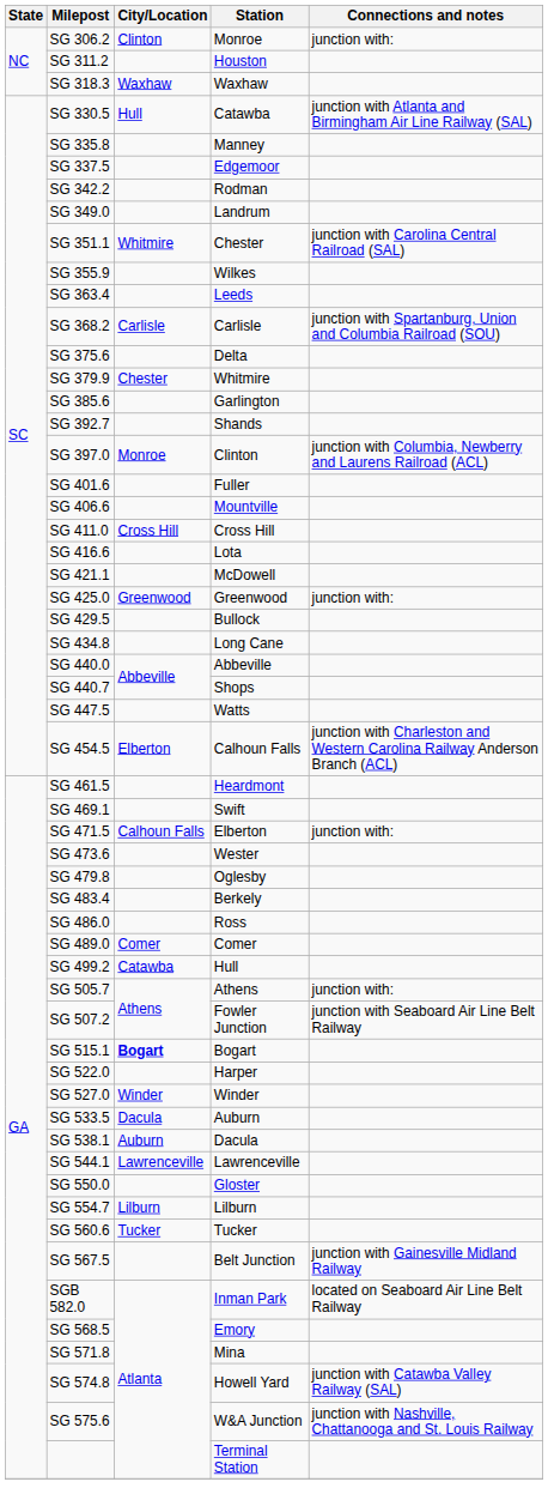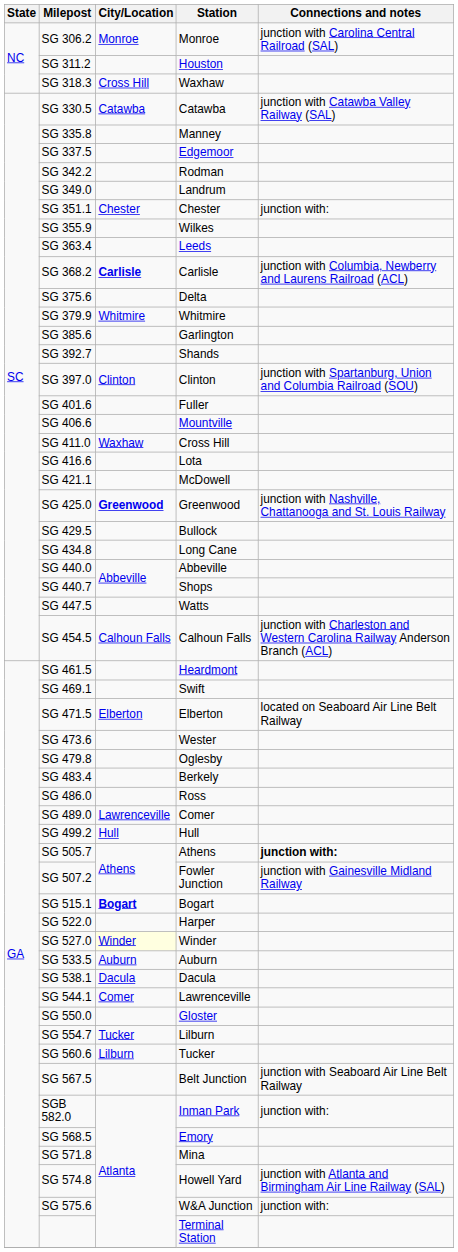 <table class="wikitable">
 <tr>
 <th>State</th>
 <th>Milepost</th>
 <th>City/Location</th>
 <th>Station</th>
 <th>Connections and notes</th>
 </tr>
 <tr>
 <td ! rowspan="3"><a href='#'>NC</a></td>
 <td>SG 306.2</td>
-<td><a href='#'>Clinton</a></td>
+<td><a href='#'>Monroe</a></td>
 <td>Monroe</td>
-<td>junction with:<br></td>
+<td>junction with <a href='#'>Carolina Central Railroad</a> (<a href='#'>SAL</a>)</td>
 </tr>
 <tr>
 <td>SG 311.2</td>
 <td></td>
 <td><a href='#'>Houston</a></td>
 <td></td>
 </tr>
 <tr>
 <td>SG 318.3</td>
-<td><a href='#'>Waxhaw</a></td>
+<td><a href='#'>Cross Hill</a></td>
 <td>Waxhaw</td>
 <td></td>
 </tr>
 <tr>
 <td ! rowspan="26"><a href='#'>SC</a></td>
 <td>SG 330.5</td>
-<td><a href='#'>Hull</a></td>
+<td><a href='#'>Catawba</a></td>
 <td>Catawba</td>
-<td>junction with <a href='#'>Atlanta and Birmingham Air Line Railway</a> (<a href='#'>SAL</a>)</td>
+<td>junction with <a href='#'>Catawba Valley Railway</a> (<a href='#'>SAL</a>)</td>
 </tr>
 <tr>
 <td>SG 335.8</td>
 <td></td>
 <td>Manney</td>
 <td></td>
 </tr>
 <tr>
 <td>SG 337.5</td>
 <td></td>
 <td><a href='#'>Edgemoor</a></td>
 <td></td>
 </tr>
 <tr>
 <td>SG 342.2</td>
 <td></td>
 <td>Rodman</td>
 <td></td>
 </tr>
 <tr>
 <td>SG 349.0</td>
 <td></td>
 <td>Landrum</td>
 <td></td>
 </tr>
 <tr>
 <td>SG 351.1</td>
-<td><a href='#'>Whitmire</a></td>
+<td><a href='#'>Chester</a></td>
 <td>Chester</td>
-<td>junction with <a href='#'>Carolina Central Railroad</a> (<a href='#'>SAL</a>)</td>
+<td>junction with:<br></td>
 </tr>
 <tr>
 <td>SG 355.9</td>
 <td></td>
 <td>Wilkes</td>
 <td></td>
 </tr>
 <tr>
 <td>SG 363.4</td>
 <td></td>
 <td><a href='#'>Leeds</a></td>
 <td></td>
 </tr>
 <tr>
 <td>SG 368.2</td>
-<td><a href='#'>Carlisle</a></td>
+<td><strong><a href='#'>Carlisle</a></strong></td>
 <td>Carlisle</td>
-<td>junction with <a href='#'>Spartanburg, Union and Columbia Railroad</a> (<a href='#'>SOU</a>)</td>
+<td>junction with <a href='#'>Columbia, Newberry and Laurens Railroad</a> (<a href='#'>ACL</a>)</td>
 </tr>
 <tr>
 <td>SG 375.6</td>
 <td></td>
 <td>Delta</td>
 <td></td>
 </tr>
 <tr>
 <td>SG 379.9</td>
-<td><a href='#'>Chester</a></td>
+<td><a href='#'>Whitmire</a></td>
 <td>Whitmire</td>
 <td></td>
 </tr>
 <tr>
 <td>SG 385.6</td>
 <td></td>
 <td>Garlington</td>
 <td></td>
 </tr>
 <tr>
 <td>SG 392.7</td>
 <td></td>
 <td>Shands</td>
 <td></td>
 </tr>
 <tr>
 <td>SG 397.0</td>
-<td><a href='#'>Monroe</a></td>
+<td><a href='#'>Clinton</a></td>
 <td>Clinton</td>
-<td>junction with <a href='#'>Columbia, Newberry and Laurens Railroad</a> (<a href='#'>ACL</a>)</td>
+<td>junction with <a href='#'>Spartanburg, Union and Columbia Railroad</a> (<a href='#'>SOU</a>)</td>
 </tr>
 <tr>
 <td>SG 401.6</td>
 <td></td>
 <td>Fuller</td>
 <td></td>
 </tr>
 <tr>
 <td>SG 406.6</td>
 <td></td>
 <td><a href='#'>Mountville</a></td>
 <td></td>
 </tr>
 <tr>
 <td>SG 411.0</td>
-<td><a href='#'>Cross Hill</a></td>
+<td><a href='#'>Waxhaw</a></td>
 <td>Cross Hill</td>
 <td></td>
 </tr>
 <tr>
 <td>SG 416.6</td>
 <td></td>
 <td>Lota</td>
 <td></td>
 </tr>
 <tr>
 <td>SG 421.1</td>
 <td></td>
 <td>McDowell</td>
 <td></td>
 </tr>
 <tr>
 <td>SG 425.0</td>
-<td><a href='#'>Greenwood</a></td>
+<td><strong><a href='#'>Greenwood</a></strong></td>
 <td>Greenwood</td>
-<td>junction with:<br></td>
+<td>junction with <a href='#'>Nashville, Chattanooga and St. Louis Railway</a></td>
 </tr>
 <tr>
 <td>SG 429.5</td>
 <td></td>
 <td>Bullock</td>
 <td></td>
 </tr>
 <tr>
 <td>SG 434.8</td>
 <td></td>
 <td>Long Cane</td>
 <td></td>
 </tr>
 <tr>
 <td>SG 440.0</td>
 <td ! rowspan="2"><a href='#'>Abbeville</a></td>
 <td>Abbeville</td>
 <td></td>
 </tr>
 <tr>
 <td>SG 440.7</td>
 <td>Shops</td>
 <td></td>
 </tr>
 <tr>
 <td>SG 447.5</td>
 <td></td>
 <td>Watts</td>
 <td></td>
 </tr>
 <tr>
 <td>SG 454.5</td>
-<td><a href='#'>Elberton</a></td>
+<td><a href='#'>Calhoun Falls</a></td>
 <td>Calhoun Falls</td>
 <td>junction with <a href='#'>Charleston and Western Carolina Railway</a> Anderson Branch (<a href='#'>ACL</a>)</td>
 </tr>
 <tr>
 <td ! rowspan="27"><a href='#'>GA</a></td>
 <td>SG 461.5</td>
 <td></td>
 <td><a href='#'>Heardmont</a></td>
 <td></td>
 </tr>
 <tr>
 <td>SG 469.1</td>
 <td></td>
 <td>Swift</td>
 <td></td>
 </tr>
 <tr>
 <td>SG 471.5</td>
-<td><a href='#'>Calhoun Falls</a></td>
+<td><a href='#'>Elberton</a></td>
 <td>Elberton</td>
-<td>junction with:<br></td>
+<td>located on Seaboard Air Line Belt Railway</td>
 </tr>
 <tr>
 <td>SG 473.6</td>
 <td></td>
 <td>Wester</td>
 <td></td>
 </tr>
 <tr>
 <td>SG 479.8</td>
 <td></td>
 <td>Oglesby</td>
 <td></td>
 </tr>
 <tr>
 <td>SG 483.4</td>
 <td></td>
 <td>Berkely</td>
 <td></td>
 </tr>
 <tr>
 <td>SG 486.0</td>
 <td></td>
 <td>Ross</td>
 <td></td>
 </tr>
 <tr>
 <td>SG 489.0</td>
-<td><a href='#'>Comer</a></td>
+<td><a href='#'>Lawrenceville</a></td>
 <td>Comer</td>
 <td></td>
 </tr>
 <tr>
 <td>SG 499.2</td>
-<td><a href='#'>Catawba</a></td>
+<td><a href='#'>Hull</a></td>
 <td>Hull</td>
 <td></td>
 </tr>
 <tr>
 <td>SG 505.7</td>
 <td ! rowspan="2"><a href='#'>Athens</a></td>
 <td>Athens</td>
-<td>junction with:<br></td>
+<td><strong>junction with:<br></strong></td>
 </tr>
 <tr>
 <td>SG 507.2</td>
 <td>Fowler Junction</td>
-<td>junction with Seaboard Air Line Belt Railway</td>
+<td>junction with <a href='#'>Gainesville Midland Railway</a></td>
 </tr>
 <tr>
 <td>SG 515.1</td>
 <td><strong><a href='#'>Bogart</a></strong></td>
 <td>Bogart</td>
 <td></td>
 </tr>
 <tr>
 <td>SG 522.0</td>
 <td></td>
 <td>Harper</td>
 <td></td>
 </tr>
 <tr>
 <td>SG 527.0</td>
-<td><a href='#'>Winder</a></td>
+<td style="background: lightyellow;"><a href='#'>Winder</a></td>
 <td>Winder</td>
 <td></td>
 </tr>
 <tr>
 <td>SG 533.5</td>
-<td><a href='#'>Dacula</a></td>
+<td><a href='#'>Auburn</a></td>
 <td>Auburn</td>
 <td></td>
 </tr>
 <tr>
 <td>SG 538.1</td>
-<td><a href='#'>Auburn</a></td>
+<td><a href='#'>Dacula</a></td>
 <td>Dacula</td>
 <td></td>
 </tr>
 <tr>
 <td>SG 544.1</td>
-<td><a href='#'>Lawrenceville</a></td>
+<td><a href='#'>Comer</a></td>
 <td>Lawrenceville</td>
 <td></td>
 </tr>
 <tr>
 <td>SG 550.0</td>
 <td></td>
 <td><a href='#'>Gloster</a></td>
 <td></td>
 </tr>
 <tr>
 <td>SG 554.7</td>
-<td><a href='#'>Lilburn</a></td>
+<td><a href='#'>Tucker</a></td>
 <td>Lilburn</td>
 <td></td>
 </tr>
 <tr>
 <td>SG 560.6</td>
-<td><a href='#'>Tucker</a></td>
+<td><a href='#'>Lilburn</a></td>
 <td>Tucker</td>
 <td></td>
 </tr>
 <tr>
 <td>SG 567.5</td>
 <td></td>
 <td>Belt Junction</td>
-<td>junction with <a href='#'>Gainesville Midland Railway</a></td>
+<td>junction with Seaboard Air Line Belt Railway</td>
 </tr>
 <tr>
 <td>SGB 582.0</td>
 <td ! rowspan="6"><a href='#'>Atlanta</a></td>
 <td><a href='#'>Inman Park</a></td>
-<td>located on Seaboard Air Line Belt Railway</td>
+<td>junction with:<br></td>
 </tr>
 <tr>
 <td>SG 568.5</td>
 <td><a href='#'>Emory</a></td>
 <td></td>
 </tr>
 <tr>
 <td>SG 571.8</td>
 <td>Mina</td>
 <td></td>
 </tr>
 <tr>
 <td>SG 574.8</td>
 <td>Howell Yard</td>
-<td>junction with <a href='#'>Catawba Valley Railway</a> (<a href='#'>SAL</a>)</td>
+<td>junction with <a href='#'>Atlanta and Birmingham Air Line Railway</a> (<a href='#'>SAL</a>)</td>
 </tr>
 <tr>
 <td>SG 575.6</td>
 <td>W&A Junction</td>
-<td>junction with <a href='#'>Nashville, Chattanooga and St. Louis Railway</a></td>
+<td>junction with:<br></td>
 </tr>
 <tr>
 <td></td>
 <td><a href='#'>Terminal Station</a></td>
 <td></td>
 </tr>
 <tr>
 </tr>
 </table>
